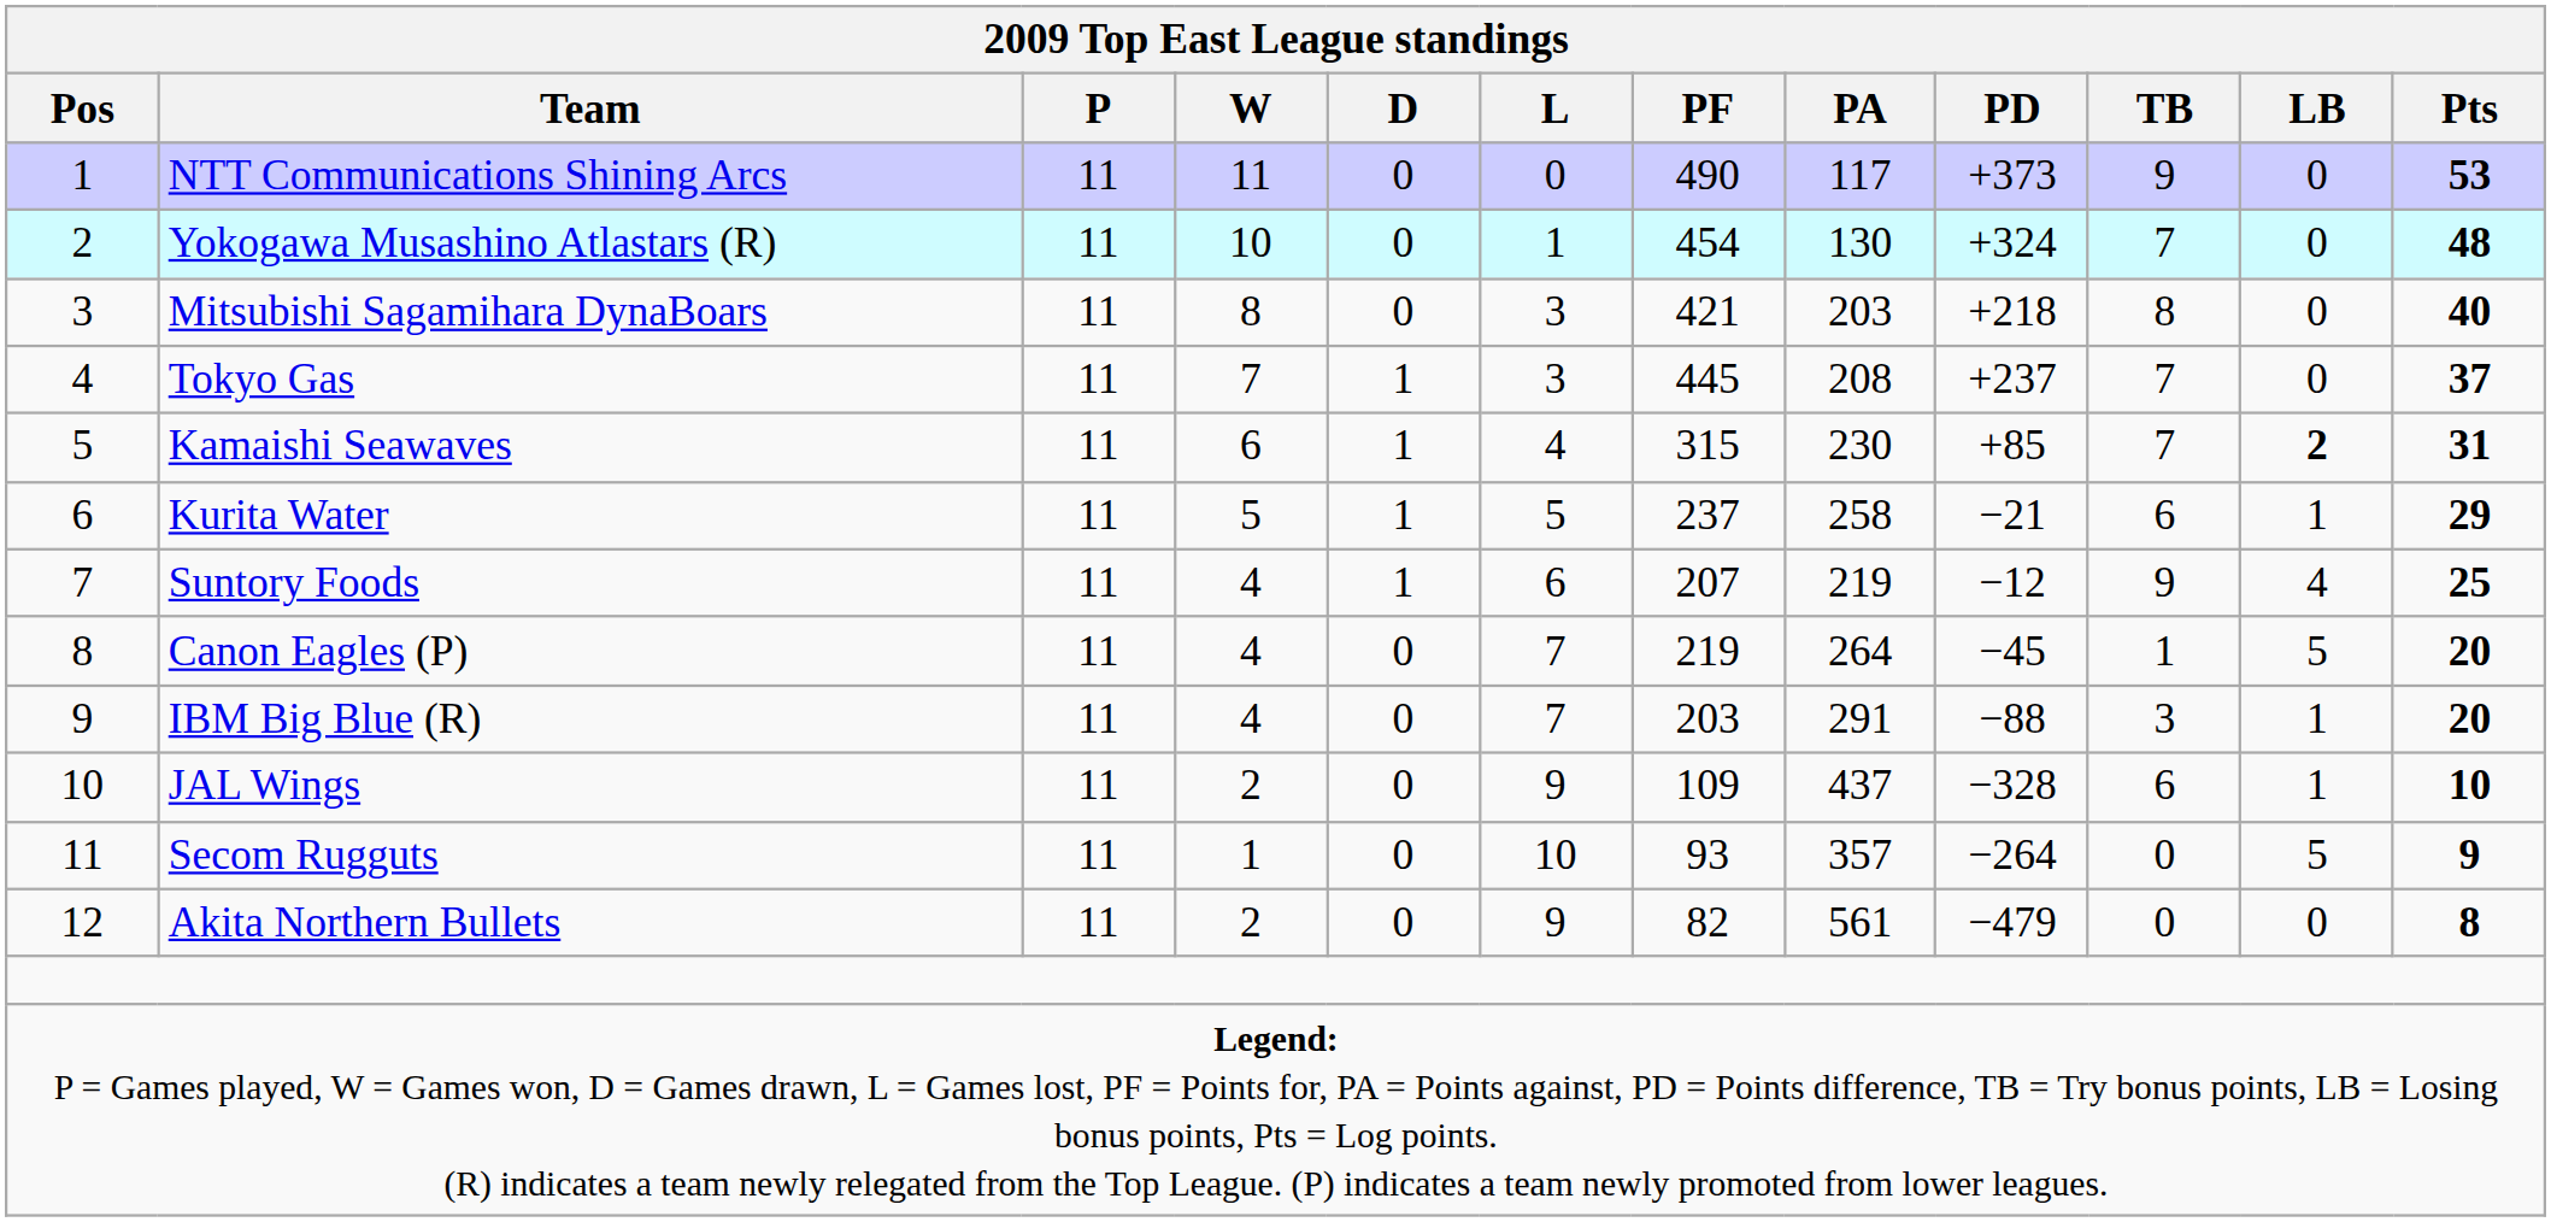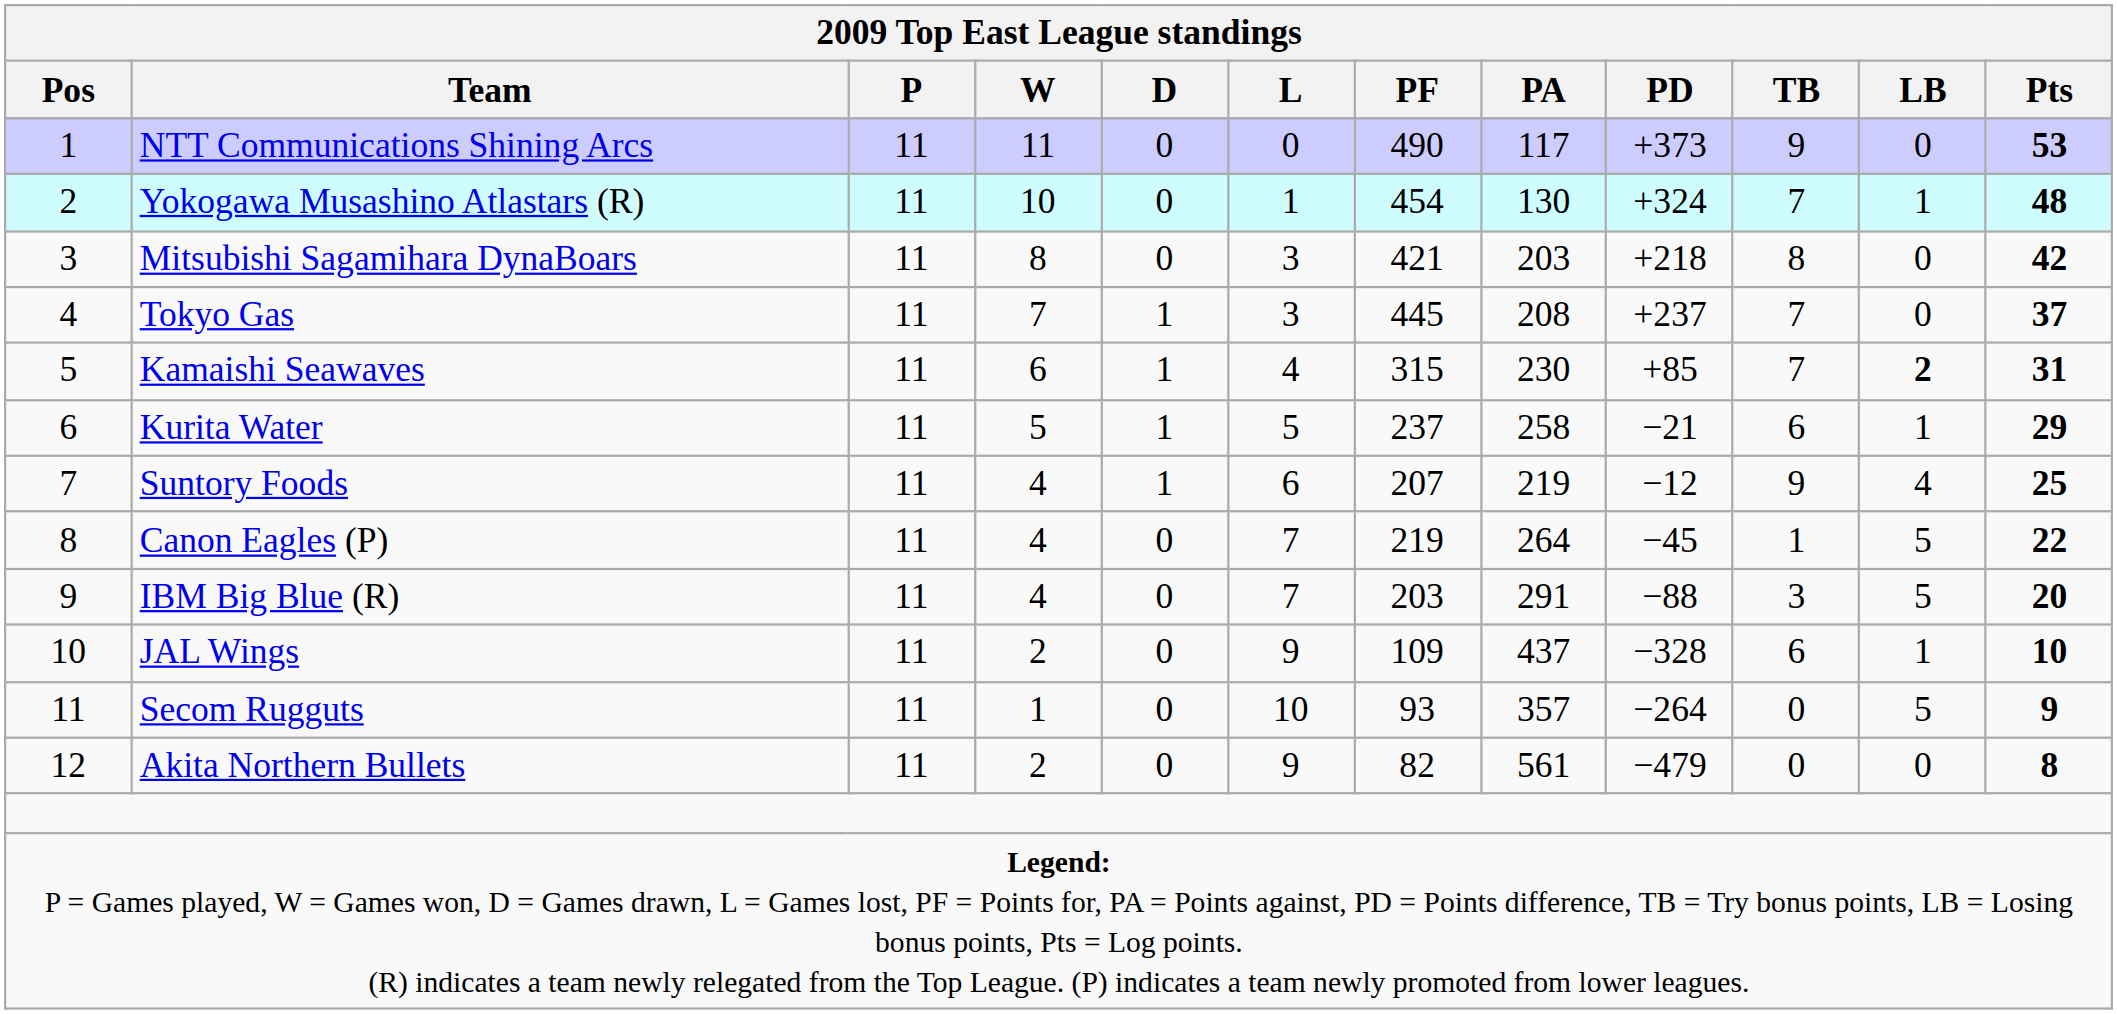 <table class="wikitable" style="text-align:center; font-size:100%; width:60%;">
 <tr>
 <th colspan="100%" cellpadding="0" cellspacing="0"><strong>2009 Top East League standings</strong></th>
 </tr>
 <tr>
 <th style="width:6%;">Pos</th>
 <th style="width:34%;">Team</th>
 <th style="width:6%;">P</th>
 <th style="width:6%;">W</th>
 <th style="width:6%;">D</th>
 <th style="width:6%;">L</th>
 <th style="width:6%;">PF</th>
 <th style="width:6%;">PA</th>
 <th style="width:6%;">PD</th>
 <th style="width:6%;">TB</th>
 <th style="width:6%;">LB</th>
 <th style="width:6%;">Pts<br></th>
 </tr>
 <tr style="background:#CCCCFF;">
 <td>1</td>
 <td style="text-align:left;"><a href='#'>NTT Communications Shining Arcs</a></td>
 <td>11</td>
 <td>11</td>
 <td>0</td>
 <td>0</td>
 <td>490</td>
 <td>117</td>
 <td>+373</td>
 <td>9</td>
 <td>0</td>
 <td><strong>53</strong></td>
 </tr>
 <tr style="background:#CFFCFF;">
 <td>2</td>
 <td style="text-align:left;"><a href='#'>Yokogawa Musashino Atlastars</a> (R)</td>
 <td>11</td>
 <td>10</td>
 <td>0</td>
 <td>1</td>
 <td>454</td>
 <td>130</td>
 <td>+324</td>
 <td>7</td>
-<td>0</td>
+<td>1</td>
 <td><strong>48</strong></td>
 </tr>
 <tr>
 <td>3</td>
 <td style="text-align:left;"><a href='#'>Mitsubishi Sagamihara DynaBoars</a></td>
 <td>11</td>
 <td>8</td>
 <td>0</td>
 <td>3</td>
 <td>421</td>
 <td>203</td>
 <td>+218</td>
 <td>8</td>
 <td>0</td>
-<td><strong>40</strong></td>
+<td><strong>42</strong></td>
 </tr>
 <tr>
 <td>4</td>
 <td style="text-align:left;"><a href='#'>Tokyo Gas</a></td>
 <td>11</td>
 <td>7</td>
 <td>1</td>
 <td>3</td>
 <td>445</td>
 <td>208</td>
 <td>+237</td>
 <td>7</td>
 <td>0</td>
 <td><strong>37</strong></td>
 </tr>
 <tr>
 <td>5</td>
 <td style="text-align:left;"><a href='#'>Kamaishi Seawaves</a></td>
 <td>11</td>
 <td>6</td>
 <td>1</td>
 <td>4</td>
 <td>315</td>
 <td>230</td>
 <td>+85</td>
 <td>7</td>
 <td><strong>2</strong></td>
 <td><strong>31</strong></td>
 </tr>
 <tr>
 <td>6</td>
 <td style="text-align:left;"><a href='#'>Kurita Water</a></td>
 <td>11</td>
 <td>5</td>
 <td>1</td>
 <td>5</td>
 <td>237</td>
 <td>258</td>
 <td>−21</td>
 <td>6</td>
 <td>1</td>
 <td><strong>29</strong></td>
 </tr>
 <tr>
 <td>7</td>
 <td style="text-align:left;"><a href='#'>Suntory Foods</a></td>
 <td>11</td>
 <td>4</td>
 <td>1</td>
 <td>6</td>
 <td>207</td>
 <td>219</td>
 <td>−12</td>
 <td>9</td>
 <td>4</td>
 <td><strong>25</strong></td>
 </tr>
 <tr>
 <td>8</td>
 <td style="text-align:left;"><a href='#'>Canon Eagles</a> (P)</td>
 <td>11</td>
 <td>4</td>
 <td>0</td>
 <td>7</td>
 <td>219</td>
 <td>264</td>
 <td>−45</td>
 <td>1</td>
 <td>5</td>
-<td><strong>20</strong></td>
+<td><strong>22</strong></td>
 </tr>
 <tr>
 <td>9</td>
 <td style="text-align:left;"><a href='#'>IBM Big Blue</a> (R)</td>
 <td>11</td>
 <td>4</td>
 <td>0</td>
 <td>7</td>
 <td>203</td>
 <td>291</td>
 <td>−88</td>
 <td>3</td>
-<td>1</td>
+<td>5</td>
 <td><strong>20</strong></td>
 </tr>
 <tr>
 <td>10</td>
 <td style="text-align:left;"><a href='#'>JAL Wings</a></td>
 <td>11</td>
 <td>2</td>
 <td>0</td>
 <td>9</td>
 <td>109</td>
 <td>437</td>
 <td>−328</td>
 <td>6</td>
 <td>1</td>
 <td><strong>10</strong></td>
 </tr>
 <tr>
 <td>11</td>
 <td style="text-align:left;"><a href='#'>Secom Rugguts</a></td>
 <td>11</td>
 <td>1</td>
 <td>0</td>
 <td>10</td>
 <td>93</td>
 <td>357</td>
 <td>−264</td>
 <td>0</td>
 <td>5</td>
 <td><strong>9</strong></td>
 </tr>
 <tr>
 <td>12</td>
 <td style="text-align:left;"><a href='#'>Akita Northern Bullets</a></td>
 <td>11</td>
 <td>2</td>
 <td>0</td>
 <td>9</td>
 <td>82</td>
 <td>561</td>
 <td>−479</td>
 <td>0</td>
 <td>0</td>
 <td><strong>8</strong></td>
 </tr>
 <tr>
 <td colspan="100%" style="height:10px;"></td>
 </tr>
 <tr>
 <td colspan="100%"><small><strong>Legend:</strong> <br> P = Games played, W = Games won, D = Games drawn, L = Games lost, PF = Points for, PA = Points against, PD = Points difference, TB = Try bonus points, LB = Losing bonus points, Pts = Log points. <br> (R) indicates a team newly relegated from the Top League. (P) indicates a team newly promoted from lower leagues.</small></td>
 </tr>
 </table>
